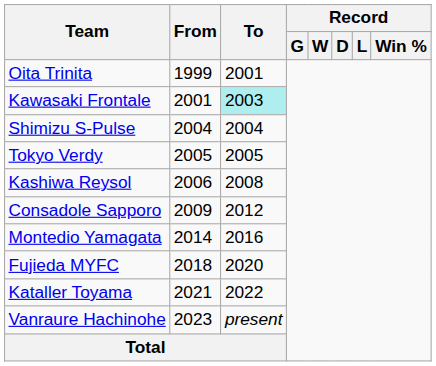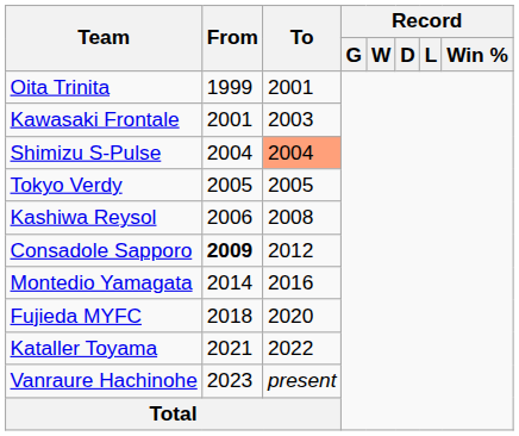 <table class="wikitable" style="text-align: center">
 <tr>
 <th rowspan="2">Team</th>
 <th rowspan="2">From</th>
 <th rowspan="2">To</th>
 <th colspan="5">Record</th>
 </tr>
 <tr>
 <th>G</th>
 <th>W</th>
 <th>D</th>
 <th>L</th>
 <th>Win %</th>
 </tr>
 <tr>
 <td align="left"><a href='#'>Oita Trinita</a></td>
 <td align="left">1999</td>
 <td align="left">2001<br></td>
 </tr>
 <tr>
 <td align="left"><a href='#'>Kawasaki Frontale</a></td>
 <td align="left">2001</td>
-<td align="left" style="background: paleturquoise;">2003<br></td>
+<td align="left">2003<br></td>
 </tr>
 <tr>
 <td align="left"><a href='#'>Shimizu S-Pulse</a></td>
 <td align="left">2004</td>
-<td align="left">2004<br></td>
+<td align="left" style="background: lightsalmon;">2004<br></td>
 </tr>
 <tr>
 <td align="left"><a href='#'>Tokyo Verdy</a></td>
 <td align="left">2005</td>
 <td align="left">2005<br></td>
 </tr>
 <tr>
 <td align="left"><a href='#'>Kashiwa Reysol</a></td>
 <td align="left">2006</td>
 <td align="left">2008<br></td>
 </tr>
 <tr>
 <td align="left"><a href='#'>Consadole Sapporo</a></td>
-<td align="left">2009</td>
+<td align="left"><strong>2009</strong></td>
 <td align="left">2012<br></td>
 </tr>
 <tr>
 <td align="left"><a href='#'>Montedio Yamagata</a></td>
 <td align="left">2014</td>
 <td align="left">2016<br></td>
 </tr>
 <tr>
 <td align="left"><a href='#'>Fujieda MYFC</a></td>
 <td align="left">2018</td>
 <td align="left">2020<br></td>
 </tr>
 <tr>
 <td align="left"><a href='#'>Kataller Toyama</a></td>
 <td align="left">2021</td>
 <td align="left">2022<br></td>
 </tr>
 <tr>
 <td align="left"><a href='#'>Vanraure Hachinohe</a></td>
 <td align="left">2023</td>
 <td align="left"><em>present</em><br></td>
 </tr>
 <tr>
 <th colspan="3">Total<br></th>
 </tr>
 </table>
